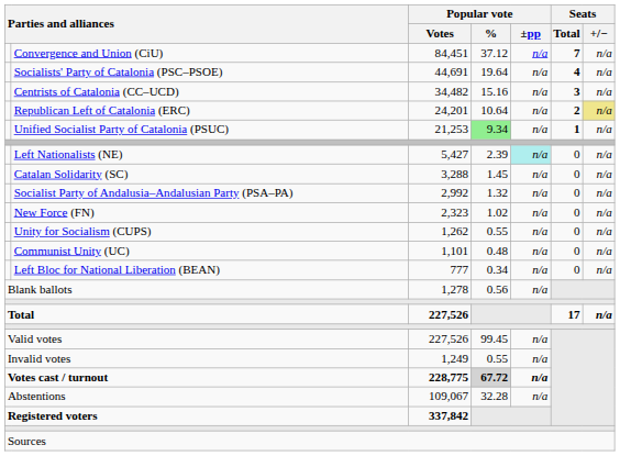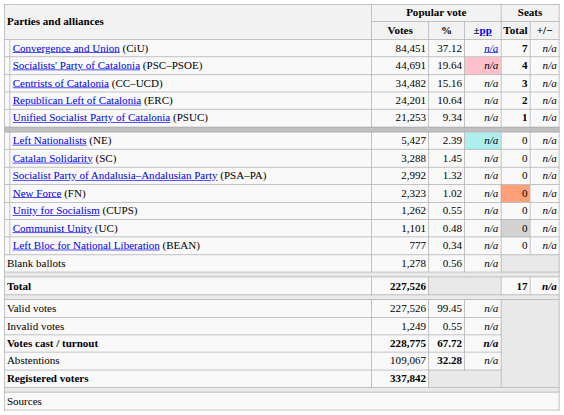 <table class="wikitable" style="text-align:right;">
 <tr>
 <th style="text-align:left;" rowspan="2" colspan="2" width="525">Parties and alliances</th>
 <th colspan="3">Popular vote</th>
 <th colspan="2">Seats</th>
 </tr>
 <tr>
 <th width="75">Votes</th>
 <th width="45">%</th>
 <th width="45">±<a href='#'>pp</a></th>
 <th width="35">Total</th>
 <th width="35">+/−</th>
 </tr>
 <tr>
 <td width="1" style="color:inherit;background:"></td>
 <td align="left"><a href='#'>Convergence and Union</a> (CiU)</td>
 <td>84,451</td>
 <td>37.12</td>
 <td><em><a href='#'>n/a</a></em></td>
 <td><strong>7</strong></td>
 <td><em>n/a</em></td>
 </tr>
 <tr>
 <td style="color:inherit;background:"></td>
 <td align="left"><a href='#'>Socialists' Party of Catalonia</a> (PSC–PSOE)</td>
 <td>44,691</td>
 <td>19.64</td>
-<td><em>n/a</em></td>
+<td style="background: pink;"><em>n/a</em></td>
 <td><strong>4</strong></td>
 <td><em>n/a</em></td>
 </tr>
 <tr>
 <td style="color:inherit;background:"></td>
 <td align="left"><a href='#'>Centrists of Catalonia</a> (CC–UCD)</td>
 <td>34,482</td>
 <td>15.16</td>
 <td><em>n/a</em></td>
 <td><strong>3</strong></td>
 <td><em>n/a</em></td>
 </tr>
 <tr>
 <td style="color:inherit;background:"></td>
 <td align="left"><a href='#'>Republican Left of Catalonia</a> (ERC)</td>
 <td>24,201</td>
 <td>10.64</td>
 <td><em>n/a</em></td>
 <td><strong>2</strong></td>
-<td style="background: khaki;"><em>n/a</em></td>
+<td><em>n/a</em></td>
 </tr>
 <tr>
 <td style="color:inherit;background:"></td>
 <td align="left"><a href='#'>Unified Socialist Party of Catalonia</a> (PSUC)</td>
 <td>21,253</td>
-<td style="background: lightgreen;">9.34</td>
+<td>9.34</td>
 <td><em>n/a</em></td>
 <td><strong>1</strong></td>
 <td><em>n/a</em></td>
 </tr>
 <tr>
 <td colspan="7" bgcolor="#C0C0C0"></td>
 </tr>
 <tr>
 <td style="color:inherit;background:"></td>
 <td align="left"><a href='#'>Left Nationalists</a> (NE)</td>
 <td>5,427</td>
 <td>2.39</td>
 <td style="background: paleturquoise;"><em>n/a</em></td>
 <td>0</td>
 <td><em>n/a</em></td>
 </tr>
 <tr>
 <td style="color:inherit;background:"></td>
 <td align="left"><a href='#'>Catalan Solidarity</a> (SC)</td>
 <td>3,288</td>
 <td>1.45</td>
 <td><em>n/a</em></td>
 <td>0</td>
 <td><em>n/a</em></td>
 </tr>
 <tr>
 <td style="color:inherit;background:"></td>
 <td align="left"><a href='#'>Socialist Party of Andalusia–Andalusian Party</a> (PSA–PA)</td>
 <td>2,992</td>
 <td>1.32</td>
 <td><em>n/a</em></td>
 <td>0</td>
 <td><em>n/a</em></td>
 </tr>
 <tr>
 <td style="color:inherit;background:"></td>
 <td align="left"><a href='#'>New Force</a> (FN)</td>
 <td>2,323</td>
 <td>1.02</td>
 <td><em>n/a</em></td>
-<td>0</td>
+<td style="background: lightsalmon;">0</td>
 <td><em>n/a</em></td>
 </tr>
 <tr>
 <td style="color:inherit;background:"></td>
 <td align="left"><a href='#'>Unity for Socialism</a> (CUPS)</td>
 <td>1,262</td>
 <td>0.55</td>
 <td><em>n/a</em></td>
 <td>0</td>
 <td><em>n/a</em></td>
 </tr>
 <tr>
 <td style="color:inherit;background:"></td>
 <td align="left"><a href='#'>Communist Unity</a> (UC)</td>
 <td>1,101</td>
 <td>0.48</td>
 <td><em>n/a</em></td>
-<td>0</td>
+<td style="background: lightgrey;">0</td>
 <td><em>n/a</em></td>
 </tr>
 <tr>
 <td style="color:inherit;background:"></td>
 <td align="left"><a href='#'>Left Bloc for National Liberation</a> (BEAN)</td>
 <td>777</td>
 <td>0.34</td>
 <td><em>n/a</em></td>
 <td>0</td>
 <td><em>n/a</em></td>
 </tr>
 <tr>
 <td align="left" colspan="2">Blank ballots</td>
 <td>1,278</td>
 <td>0.56</td>
 <td><em>n/a</em></td>
 <td bgcolor="#E9E9E9" colspan="2"></td>
 </tr>
 <tr>
 <td colspan="7" bgcolor="#E9E9E9"></td>
 </tr>
 <tr style="font-weight:bold;">
 <td align="left" colspan="2">Total</td>
 <td>227,526</td>
 <td bgcolor="#E9E9E9" colspan="2"></td>
 <td>17</td>
 <td><em>n/a</em></td>
 </tr>
 <tr>
 <td colspan="7" bgcolor="#E9E9E9"></td>
 </tr>
 <tr>
 <td align="left" colspan="2">Valid votes</td>
 <td>227,526</td>
 <td>99.45</td>
 <td><em>n/a</em></td>
 <td bgcolor="#E9E9E9" colspan="2" rowspan="5"></td>
 </tr>
 <tr>
 <td align="left" colspan="2">Invalid votes</td>
 <td>1,249</td>
 <td>0.55</td>
 <td><em>n/a</em></td>
 </tr>
 <tr style="font-weight:bold;">
 <td align="left" colspan="2">Votes cast / turnout</td>
 <td>228,775</td>
-<td style="background: lightgrey;">67.72</td>
+<td>67.72</td>
 <td><em>n/a</em></td>
 </tr>
 <tr>
 <td align="left" colspan="2">Abstentions</td>
 <td>109,067</td>
-<td>32.28</td>
+<td><strong>32.28</strong></td>
 <td><em>n/a</em></td>
 </tr>
 <tr style="font-weight:bold;">
 <td align="left" colspan="2">Registered voters</td>
 <td>337,842</td>
 <td bgcolor="#E9E9E9" colspan="2"></td>
 </tr>
 <tr>
 <td colspan="7" bgcolor="#E9E9E9"></td>
 </tr>
 <tr>
 <td align="left" colspan="7">Sources</td>
 </tr>
 </table>
